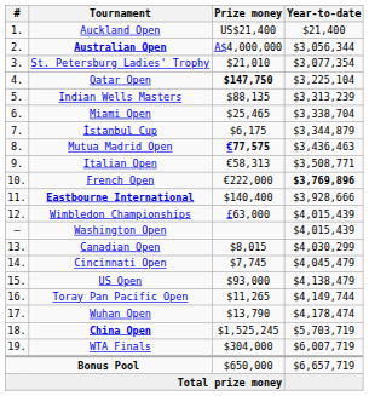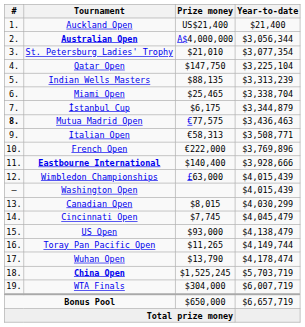 <table class="wikitable sortable" style=text-align:center>
 <tr>
 <th>#</th>
 <th>Tournament</th>
 <th>Prize money</th>
 <th>Year-to-date</th>
 </tr>
 <tr>
 <td>1.</td>
 <td><a href='#'>Auckland Open</a></td>
 <td>US$21,400</td>
 <td>$21,400</td>
 </tr>
 <tr>
 <td>2.</td>
 <td><strong><a href='#'>Australian Open</a></strong></td>
 <td><a href='#'>A$</a>4,000,000</td>
 <td>$3,056,344</td>
 </tr>
 <tr>
 <td>3.</td>
 <td><a href='#'>St. Petersburg Ladies' Trophy</a></td>
 <td>$21,010</td>
 <td>$3,077,354</td>
 </tr>
 <tr>
 <td>4.</td>
 <td><a href='#'>Qatar Open</a></td>
-<td><strong>$147,750</strong></td>
+<td>$147,750</td>
 <td>$3,225,104</td>
 </tr>
 <tr>
 <td>5.</td>
 <td><a href='#'>Indian Wells Masters</a></td>
 <td>$88,135</td>
 <td>$3,313,239</td>
 </tr>
 <tr>
 <td>6.</td>
 <td><a href='#'>Miami Open</a></td>
 <td>$25,465</td>
 <td>$3,338,704</td>
 </tr>
 <tr>
 <td>7.</td>
 <td><a href='#'>İstanbul Cup</a></td>
 <td>$6,175</td>
 <td>$3,344,879</td>
 </tr>
 <tr>
-<td>8.</td>
+<td><strong>8.</strong></td>
 <td><a href='#'>Mutua Madrid Open</a></td>
-<td><strong><a href='#'>€</a>77,575</strong></td>
+<td><a href='#'>€</a>77,575</td>
 <td>$3,436,463</td>
 </tr>
 <tr>
 <td>9.</td>
 <td><a href='#'>Italian Open</a></td>
 <td>€58,313</td>
 <td>$3,508,771</td>
 </tr>
 <tr>
 <td>10.</td>
 <td><a href='#'>French Open</a></td>
 <td>€222,000</td>
-<td><strong>$3,769,896</strong></td>
+<td>$3,769,896</td>
 </tr>
 <tr>
 <td>11.</td>
 <td><strong><a href='#'>Eastbourne International</a></strong></td>
 <td>$140,400</td>
 <td>$3,928,666</td>
 </tr>
 <tr>
 <td>12.</td>
 <td><a href='#'>Wimbledon Championships</a></td>
 <td><a href='#'>£</a>63,000</td>
 <td>$4,015,439</td>
 </tr>
 <tr>
 <td>–</td>
 <td><a href='#'>Washington Open</a></td>
 <td></td>
 <td>$4,015,439</td>
 </tr>
 <tr>
 <td>13.</td>
 <td><a href='#'>Canadian Open</a></td>
 <td>$8,015</td>
 <td>$4,030,299</td>
 </tr>
 <tr>
 <td>14.</td>
 <td><a href='#'>Cincinnati Open</a></td>
 <td>$7,745</td>
 <td>$4,045,479</td>
 </tr>
 <tr>
 <td>15.</td>
 <td><a href='#'>US Open</a></td>
 <td>$93,000</td>
 <td>$4,138,479</td>
 </tr>
 <tr>
 <td>16.</td>
 <td><a href='#'>Toray Pan Pacific Open</a></td>
 <td>$11,265</td>
 <td>$4,149,744</td>
 </tr>
 <tr>
 <td>17.</td>
 <td><a href='#'>Wuhan Open</a></td>
 <td>$13,790</td>
 <td>$4,178,474</td>
 </tr>
 <tr>
 <td>18.</td>
 <td><strong><a href='#'>China Open</a></strong></td>
 <td>$1,525,245</td>
 <td>$5,703,719</td>
 </tr>
 <tr>
 <td>19.</td>
 <td><a href='#'>WTA Finals</a></td>
 <td>$304,000</td>
 <td>$6,007,719</td>
 </tr>
 <tr style="text-align:center;border-top:3px solid darkgrey">
 <td colspan=2><strong>Bonus Pool</strong></td>
 <td>$650,000</td>
 <td>$6,657,719</td>
 </tr>
 <tr style="background:#efefef;">
 <td colspan=3 align=right><strong>Total prize money</strong></td>
 <td><strong></strong></td>
 </tr>
 </table>
